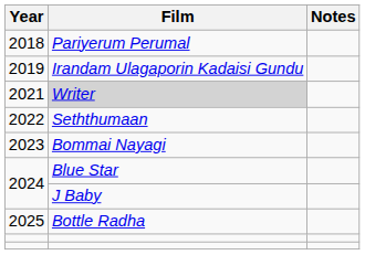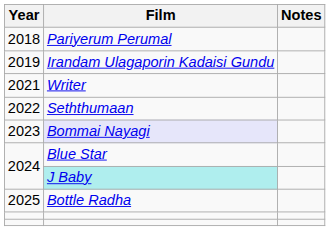 <table class="wikitable">
 <tr>
 <th>Year</th>
 <th>Film</th>
 <th>Notes</th>
 </tr>
 <tr>
 <td>2018</td>
 <td><em><a href='#'>Pariyerum Perumal</a></em></td>
 <td></td>
 </tr>
 <tr>
 <td>2019</td>
 <td><em><a href='#'>Irandam Ulagaporin Kadaisi Gundu</a></em></td>
 <td></td>
 </tr>
 <tr>
 <td>2021</td>
-<td style="background: lightgrey;"><em><a href='#'>Writer</a></em></td>
+<td><em><a href='#'>Writer</a></em></td>
 <td></td>
 </tr>
 <tr>
 <td>2022</td>
 <td><em><a href='#'>Seththumaan</a></em></td>
 <td></td>
 </tr>
 <tr>
 <td>2023</td>
-<td><em><a href='#'>Bommai Nayagi</a></em></td>
+<td style="background: lavender;"><em><a href='#'>Bommai Nayagi</a></em></td>
 <td></td>
 </tr>
 <tr>
 <td rowspan="2">2024</td>
 <td><em><a href='#'>Blue Star</a></em></td>
 <td></td>
 </tr>
 <tr>
-<td><em><a href='#'>J Baby</a></em></td>
+<td style="background: paleturquoise;"><em><a href='#'>J Baby</a></em></td>
 <td></td>
 </tr>
 <tr>
 <td rowspan="1">2025</td>
 <td><em><a href='#'>Bottle Radha</a></em></td>
 <td></td>
 </tr>
 <tr>
 <td></td>
 <td></td>
 <td></td>
 </tr>
 <tr>
 <td></td>
 <td></td>
 <td></td>
 </tr>
 </table>
